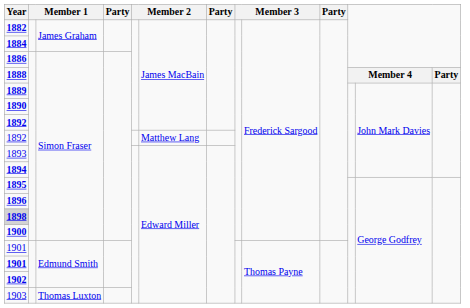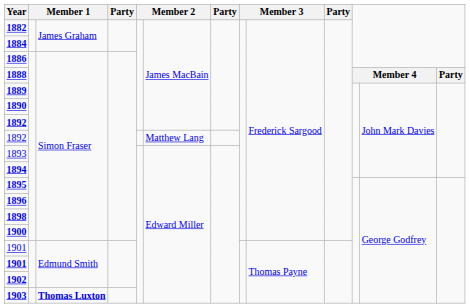 <table class="wikitable">
 <tr>
 <th>Year</th>
 <th colspan=2>Member 1</th>
 <th>Party</th>
 <th colspan=2>Member 2</th>
 <th>Party</th>
 <th colspan=2>Member 3</th>
 <th>Party</th>
 </tr>
 <tr>
 <td><strong><a href='#'>1882</a></strong></td>
 <td rowspan=2 > </td>
 <td rowspan=2><a href='#'>James Graham</a></td>
 <td rowspan=2> </td>
 <td rowspan=7 > </td>
 <td rowspan=7><a href='#'>James MacBain</a></td>
 <td rowspan=7> </td>
 <td rowspan=14 > </td>
 <td rowspan=14><a href='#'>Frederick Sargood</a></td>
 <td rowspan=14> </td>
 </tr>
 <tr>
 <td><strong><a href='#'>1884</a></strong></td>
 </tr>
 <tr>
 <td><strong><a href='#'>1886</a></strong></td>
 <td rowspan=12 > </td>
 <td rowspan=12><a href='#'>Simon Fraser</a></td>
 <td rowspan=12> </td>
 </tr>
 <tr>
 <td><strong><a href='#'>1888</a></strong></td>
 <th colspan=2>Member 4</th>
 <th>Party</th>
 </tr>
 <tr>
 <td><strong><a href='#'>1889</a></strong></td>
 <td rowspan=6 > </td>
 <td rowspan=6><a href='#'>John Mark Davies</a></td>
 <td rowspan=6> </td>
 </tr>
 <tr>
 <td><strong><a href='#'>1890</a></strong></td>
 </tr>
 <tr>
 <td><strong><a href='#'>1892</a></strong></td>
 </tr>
 <tr>
 <td><a href='#'>1892</a></td>
 <td> </td>
 <td><a href='#'>Matthew Lang</a></td>
 <td> </td>
 </tr>
 <tr>
 <td><a href='#'>1893</a></td>
 <td rowspan=10 > </td>
 <td rowspan=10><a href='#'>Edward Miller</a></td>
 <td rowspan=10> </td>
 </tr>
 <tr>
 <td><strong><a href='#'>1894</a></strong></td>
 </tr>
 <tr>
 <td><strong><a href='#'>1895</a></strong></td>
 <td rowspan=8 > </td>
 <td rowspan=8><a href='#'>George Godfrey</a></td>
 <td rowspan=8> </td>
 </tr>
 <tr>
 <td><strong><a href='#'>1896</a></strong></td>
 </tr>
 <tr>
-<td style="background: lightgrey;"><strong><a href='#'>1898</a></strong></td>
+<td><strong><a href='#'>1898</a></strong></td>
 </tr>
 <tr>
 <td><strong><a href='#'>1900</a></strong></td>
 </tr>
 <tr>
 <td><a href='#'>1901</a></td>
 <td rowspan=3 > </td>
 <td rowspan=3><a href='#'>Edmund Smith</a></td>
 <td rowspan=3> </td>
 <td rowspan=4 > </td>
 <td rowspan=4><a href='#'>Thomas Payne</a></td>
 <td rowspan=4> </td>
 </tr>
 <tr>
 <td><strong><a href='#'>1901</a></strong></td>
 </tr>
 <tr>
 <td><strong><a href='#'>1902</a></strong></td>
 </tr>
 <tr>
-<td><a href='#'>1903</a></td>
+<td><strong><a href='#'>1903</a></strong></td>
 <td> </td>
-<td><a href='#'>Thomas Luxton</a></td>
+<td><strong><a href='#'>Thomas Luxton</a></strong></td>
 <td> </td>
 </tr>
 </table>
